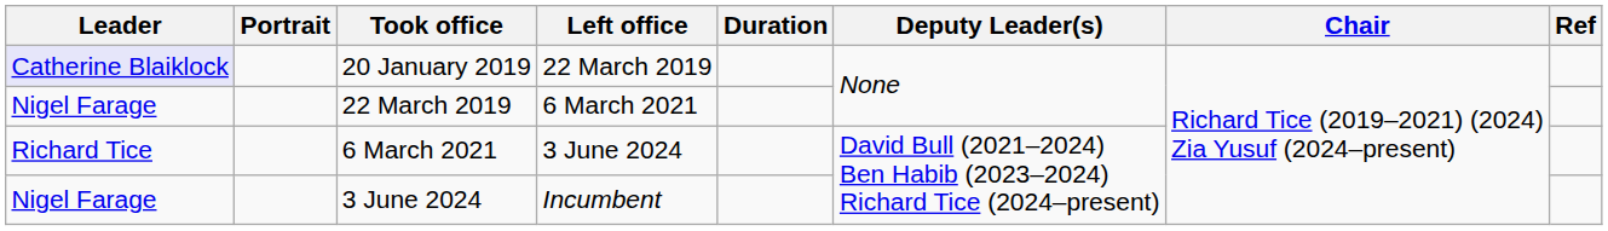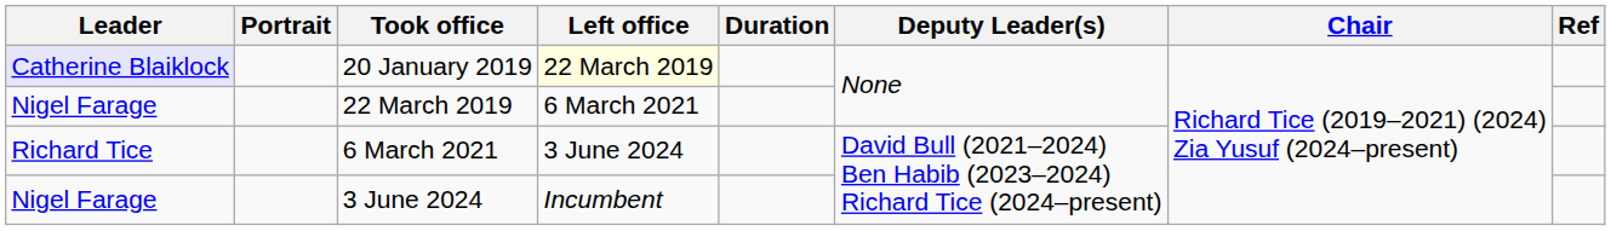 <table class="wikitable">
 <tr>
 <th>Leader<br></th>
 <th>Portrait</th>
 <th>Took office</th>
 <th>Left office</th>
 <th>Duration</th>
 <th>Deputy Leader(s)</th>
 <th><a href='#'>Chair</a></th>
 <th>Ref</th>
 </tr>
 <tr>
 <td style="background: lavender;"><a href='#'>Catherine Blaiklock</a><br></td>
 <td></td>
 <td>20 January 2019</td>
-<td>22 March 2019</td>
+<td style="background: lightyellow;">22 March 2019</td>
 <td></td>
 <td rowspan="2"><em>None</em></td>
 <td rowspan="4"><a href='#'>Richard Tice</a> (2019–2021) (2024)<br><a href='#'>Zia Yusuf</a> (2024–present)</td>
 <td></td>
 </tr>
 <tr>
 <td><a href='#'>Nigel Farage</a></td>
 <td></td>
 <td>22 March 2019</td>
 <td>6 March 2021</td>
 <td></td>
 <td></td>
 </tr>
 <tr>
 <td><a href='#'>Richard Tice</a></td>
 <td></td>
 <td>6 March 2021</td>
 <td>3 June 2024</td>
 <td></td>
 <td rowspan="2"><a href='#'>David Bull</a> (2021–2024)<br><a href='#'>Ben Habib</a> (2023–2024)<br><a href='#'>Richard Tice</a> (2024–present)</td>
 <td></td>
 </tr>
 <tr>
 <td><a href='#'>Nigel Farage</a></td>
 <td></td>
 <td>3 June 2024</td>
 <td><em>Incumbent</em></td>
 <td></td>
 <td></td>
 </tr>
 </table>
